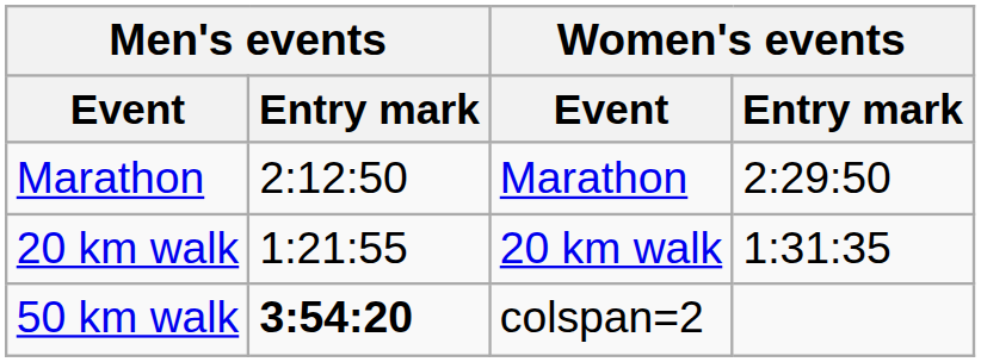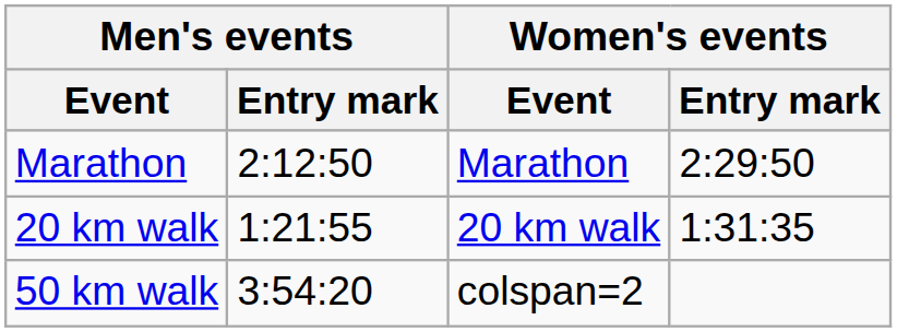 <table class="wikitable">
 <tr>
 <th colspan="2">Men's events</th>
 <th colspan="2">Women's events</th>
 </tr>
 <tr style="font-size:95%">
 <th>Event</th>
 <th>Entry mark</th>
 <th>Event</th>
 <th>Entry mark</th>
 </tr>
 <tr>
 <td><a href='#'>Marathon</a></td>
 <td>2:12:50</td>
 <td><a href='#'>Marathon</a></td>
 <td>2:29:50</td>
 </tr>
 <tr>
 <td><a href='#'>20 km walk</a></td>
 <td>1:21:55</td>
 <td><a href='#'>20 km walk</a></td>
 <td>1:31:35</td>
 </tr>
 <tr>
 <td><a href='#'>50 km walk</a></td>
-<td><strong>3:54:20</strong></td>
+<td>3:54:20</td>
 <td>colspan=2 </td>
 </tr>
 </table>
